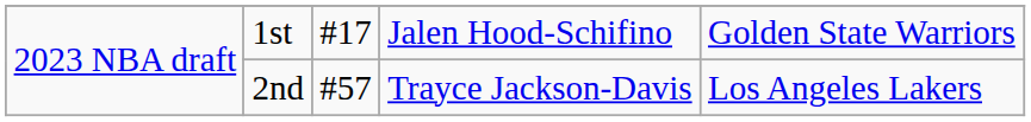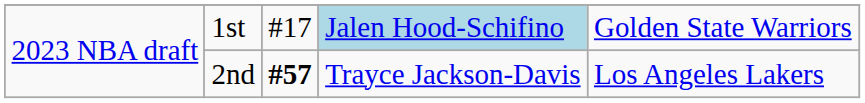 <table class=wikitable "border="1">
 <tr align=center>
 </tr>
 <tr>
 <td rowspan=2><a href='#'>2023 NBA draft</a></td>
 <td>1st</td>
 <td>#17</td>
-<td><a href='#'>Jalen Hood-Schifino</a></td>
+<td style="background: lightblue;"><a href='#'>Jalen Hood-Schifino</a></td>
 <td><a href='#'>Golden State Warriors</a></td>
 </tr>
 <tr>
 <td>2nd</td>
-<td>#57</td>
+<td><strong>#57</strong></td>
 <td><a href='#'>Trayce Jackson-Davis</a></td>
 <td><a href='#'>Los Angeles Lakers</a></td>
 </tr>
 </table>
